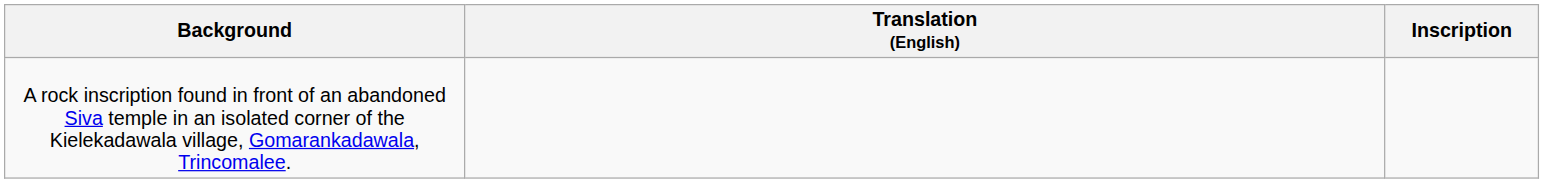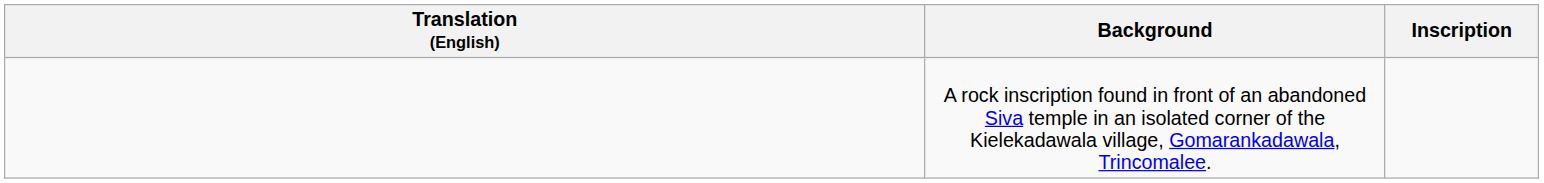 <table class="wikitable centre">
 <tr>
+<th>Translation<br><small>(English)</small></th>
 <th scope="col" align=left>Background<br></th>
-<th>Translation<br><small>(English)</small></th>
 <th>Inscription<br></th>
 </tr>
 <tr>
+<td align=left><br></td>
 <td align=center width="30%"><br>A rock inscription found in front of an abandoned <a href='#'>Siva</a> temple in an isolated corner of the Kielekadawala village, <a href='#'>Gomarankadawala</a>, <a href='#'>Trincomalee</a>.</td>
-<td align=left><br></td>
 <td align=center width="10%"></td>
 </tr>
 </table>
